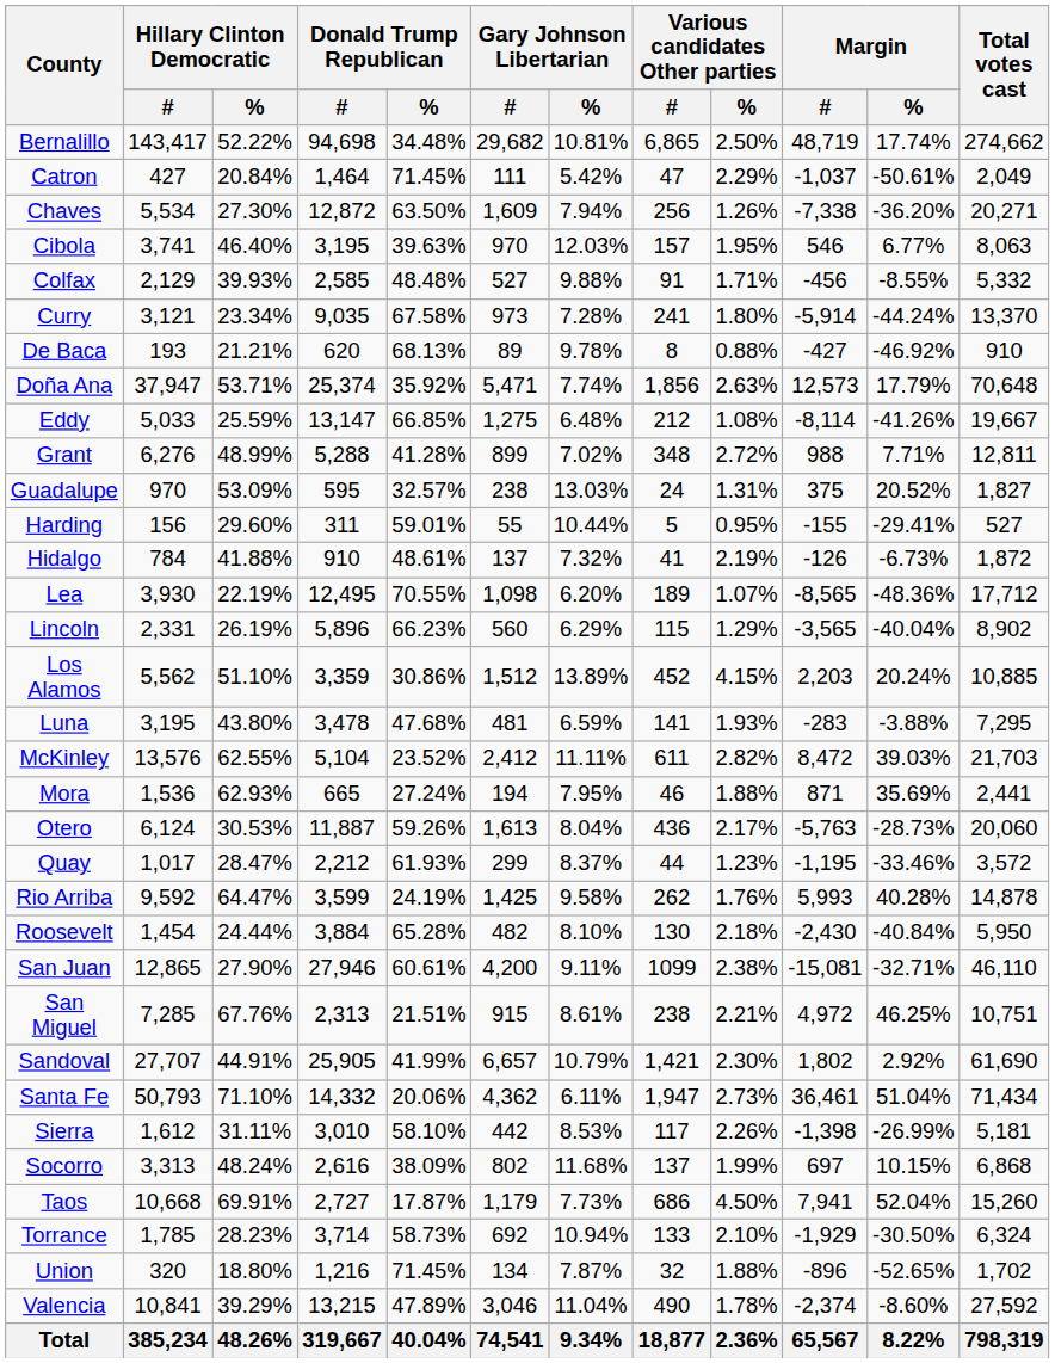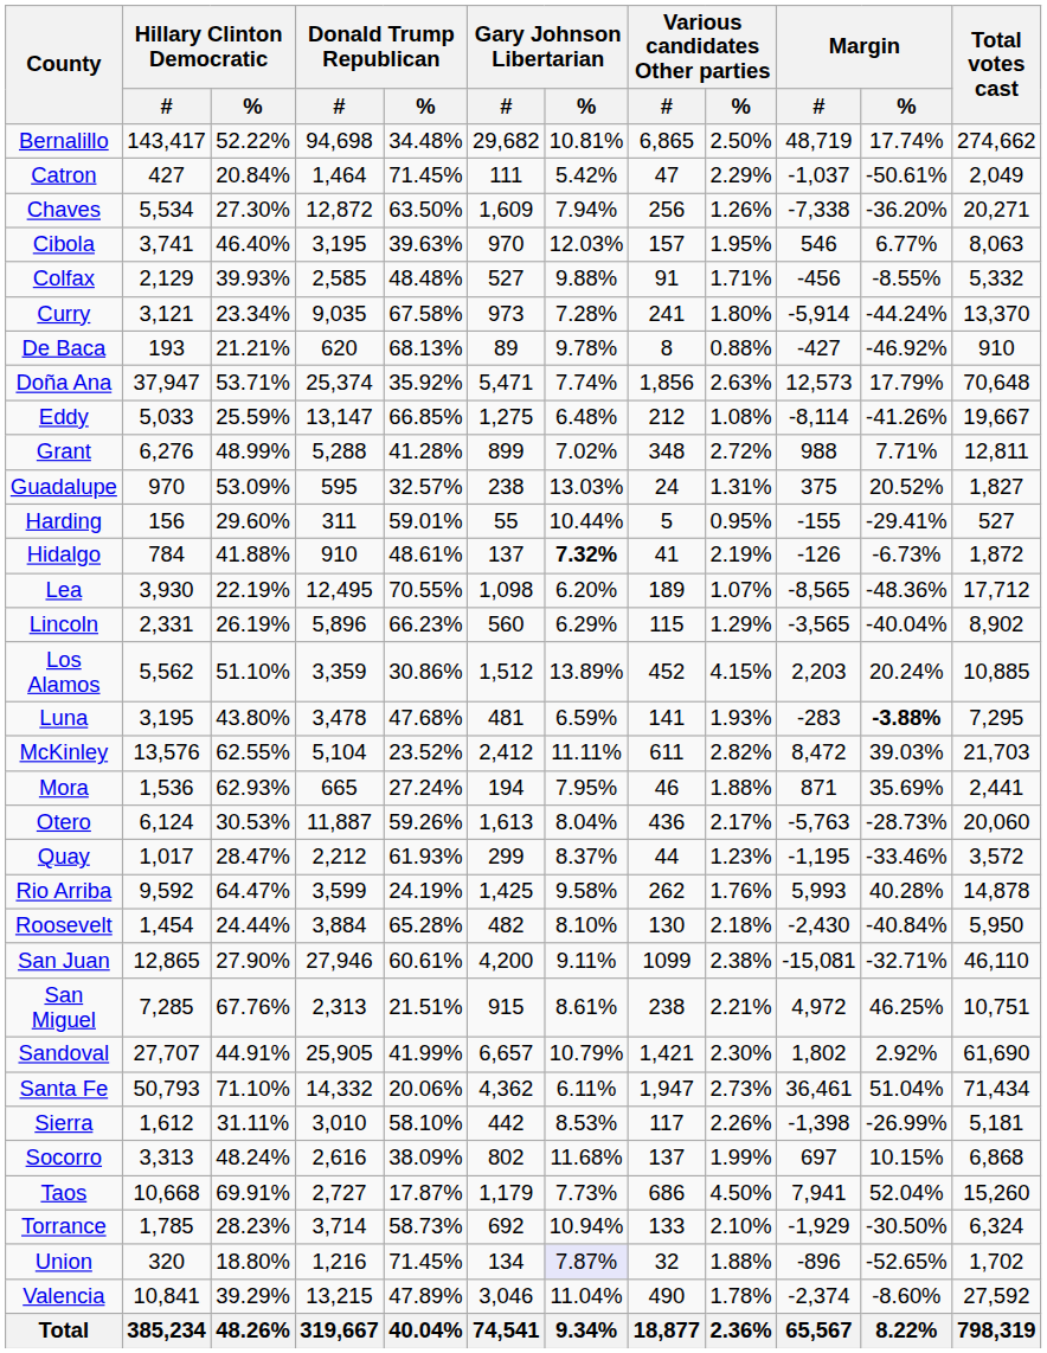 <table width="60%"  class="wikitable sortable" style="text-align:center">
 <tr>
 <th style="text-align:center;" rowspan="2">County</th>
 <th style="text-align:center;" colspan="2">Hillary Clinton<br>Democratic</th>
 <th style="text-align:center;" colspan="2">Donald Trump<br>Republican</th>
 <th style="text-align:center;" colspan="2">Gary Johnson<br>Libertarian</th>
 <th colspan="2" style="text-align:center;">Various candidates<br>Other parties</th>
 <th style="text-align:center;" colspan="2">Margin</th>
 <th style="text-align:center;" rowspan="2">Total votes cast</th>
 </tr>
 <tr>
 <th style="text-align:center;" data-sort-type="number">#</th>
 <th style="text-align:center;" data-sort-type="number">%</th>
 <th style="text-align:center;" data-sort-type="number">#</th>
 <th style="text-align:center;" data-sort-type="number">%</th>
 <th style="text-align:center;" data-sort-type="number">#</th>
 <th style="text-align:center;" data-sort-type="number">%</th>
 <th style="text-align:center;" data-sort-type="number">#</th>
 <th style="text-align:center;" data-sort-type="number">%</th>
 <th style="text-align:center;" data-sort-type="number">#</th>
 <th style="text-align:center;" data-sort-type="number">%</th>
 </tr>
 <tr style="text-align:center;">
 <td><a href='#'>Bernalillo</a></td>
 <td>143,417</td>
 <td>52.22%</td>
 <td>94,698</td>
 <td>34.48%</td>
 <td>29,682</td>
 <td>10.81%</td>
 <td>6,865</td>
 <td>2.50%</td>
 <td>48,719</td>
 <td>17.74%</td>
 <td>274,662</td>
 </tr>
 <tr style="text-align:center;">
 <td><a href='#'>Catron</a></td>
 <td>427</td>
 <td>20.84%</td>
 <td>1,464</td>
 <td>71.45%</td>
 <td>111</td>
 <td>5.42%</td>
 <td>47</td>
 <td>2.29%</td>
 <td>-1,037</td>
 <td>-50.61%</td>
 <td>2,049</td>
 </tr>
 <tr style="text-align:center;">
 <td><a href='#'>Chaves</a></td>
 <td>5,534</td>
 <td>27.30%</td>
 <td>12,872</td>
 <td>63.50%</td>
 <td>1,609</td>
 <td>7.94%</td>
 <td>256</td>
 <td>1.26%</td>
 <td>-7,338</td>
 <td>-36.20%</td>
 <td>20,271</td>
 </tr>
 <tr style="text-align:center;">
 <td><a href='#'>Cibola</a></td>
 <td>3,741</td>
 <td>46.40%</td>
 <td>3,195</td>
 <td>39.63%</td>
 <td>970</td>
 <td>12.03%</td>
 <td>157</td>
 <td>1.95%</td>
 <td>546</td>
 <td>6.77%</td>
 <td>8,063</td>
 </tr>
 <tr style="text-align:center;">
 <td><a href='#'>Colfax</a></td>
 <td>2,129</td>
 <td>39.93%</td>
 <td>2,585</td>
 <td>48.48%</td>
 <td>527</td>
 <td>9.88%</td>
 <td>91</td>
 <td>1.71%</td>
 <td>-456</td>
 <td>-8.55%</td>
 <td>5,332</td>
 </tr>
 <tr style="text-align:center;">
 <td><a href='#'>Curry</a></td>
 <td>3,121</td>
 <td>23.34%</td>
 <td>9,035</td>
 <td>67.58%</td>
 <td>973</td>
 <td>7.28%</td>
 <td>241</td>
 <td>1.80%</td>
 <td>-5,914</td>
 <td>-44.24%</td>
 <td>13,370</td>
 </tr>
 <tr style="text-align:center;">
 <td><a href='#'>De Baca</a></td>
 <td>193</td>
 <td>21.21%</td>
 <td>620</td>
 <td>68.13%</td>
 <td>89</td>
 <td>9.78%</td>
 <td>8</td>
 <td>0.88%</td>
 <td>-427</td>
 <td>-46.92%</td>
 <td>910</td>
 </tr>
 <tr style="text-align:center;">
 <td><a href='#'>Doña Ana</a></td>
 <td>37,947</td>
 <td>53.71%</td>
 <td>25,374</td>
 <td>35.92%</td>
 <td>5,471</td>
 <td>7.74%</td>
 <td>1,856</td>
 <td>2.63%</td>
 <td>12,573</td>
 <td>17.79%</td>
 <td>70,648</td>
 </tr>
 <tr style="text-align:center;">
 <td><a href='#'>Eddy</a></td>
 <td>5,033</td>
 <td>25.59%</td>
 <td>13,147</td>
 <td>66.85%</td>
 <td>1,275</td>
 <td>6.48%</td>
 <td>212</td>
 <td>1.08%</td>
 <td>-8,114</td>
 <td>-41.26%</td>
 <td>19,667</td>
 </tr>
 <tr style="text-align:center;">
 <td><a href='#'>Grant</a></td>
 <td>6,276</td>
 <td>48.99%</td>
 <td>5,288</td>
 <td>41.28%</td>
 <td>899</td>
 <td>7.02%</td>
 <td>348</td>
 <td>2.72%</td>
 <td>988</td>
 <td>7.71%</td>
 <td>12,811</td>
 </tr>
 <tr style="text-align:center;">
 <td><a href='#'>Guadalupe</a></td>
 <td>970</td>
 <td>53.09%</td>
 <td>595</td>
 <td>32.57%</td>
 <td>238</td>
 <td>13.03%</td>
 <td>24</td>
 <td>1.31%</td>
 <td>375</td>
 <td>20.52%</td>
 <td>1,827</td>
 </tr>
 <tr style="text-align:center;">
 <td><a href='#'>Harding</a></td>
 <td>156</td>
 <td>29.60%</td>
 <td>311</td>
 <td>59.01%</td>
 <td>55</td>
 <td>10.44%</td>
 <td>5</td>
 <td>0.95%</td>
 <td>-155</td>
 <td>-29.41%</td>
 <td>527</td>
 </tr>
 <tr style="text-align:center;">
 <td><a href='#'>Hidalgo</a></td>
 <td>784</td>
 <td>41.88%</td>
 <td>910</td>
 <td>48.61%</td>
 <td>137</td>
-<td>7.32%</td>
+<td><strong>7.32%</strong></td>
 <td>41</td>
 <td>2.19%</td>
 <td>-126</td>
 <td>-6.73%</td>
 <td>1,872</td>
 </tr>
 <tr style="text-align:center;">
 <td><a href='#'>Lea</a></td>
 <td>3,930</td>
 <td>22.19%</td>
 <td>12,495</td>
 <td>70.55%</td>
 <td>1,098</td>
 <td>6.20%</td>
 <td>189</td>
 <td>1.07%</td>
 <td>-8,565</td>
 <td>-48.36%</td>
 <td>17,712</td>
 </tr>
 <tr style="text-align:center;">
 <td><a href='#'>Lincoln</a></td>
 <td>2,331</td>
 <td>26.19%</td>
 <td>5,896</td>
 <td>66.23%</td>
 <td>560</td>
 <td>6.29%</td>
 <td>115</td>
 <td>1.29%</td>
 <td>-3,565</td>
 <td>-40.04%</td>
 <td>8,902</td>
 </tr>
 <tr style="text-align:center;">
 <td><a href='#'>Los Alamos</a></td>
 <td>5,562</td>
 <td>51.10%</td>
 <td>3,359</td>
 <td>30.86%</td>
 <td>1,512</td>
 <td>13.89%</td>
 <td>452</td>
 <td>4.15%</td>
 <td>2,203</td>
 <td>20.24%</td>
 <td>10,885</td>
 </tr>
 <tr style="text-align:center;">
 <td><a href='#'>Luna</a></td>
 <td>3,195</td>
 <td>43.80%</td>
 <td>3,478</td>
 <td>47.68%</td>
 <td>481</td>
 <td>6.59%</td>
 <td>141</td>
 <td>1.93%</td>
 <td>-283</td>
-<td>-3.88%</td>
+<td><strong>-3.88%</strong></td>
 <td>7,295</td>
 </tr>
 <tr style="text-align:center;">
 <td><a href='#'>McKinley</a></td>
 <td>13,576</td>
 <td>62.55%</td>
 <td>5,104</td>
 <td>23.52%</td>
 <td>2,412</td>
 <td>11.11%</td>
 <td>611</td>
 <td>2.82%</td>
 <td>8,472</td>
 <td>39.03%</td>
 <td>21,703</td>
 </tr>
 <tr style="text-align:center;">
 <td><a href='#'>Mora</a></td>
 <td>1,536</td>
 <td>62.93%</td>
 <td>665</td>
 <td>27.24%</td>
 <td>194</td>
 <td>7.95%</td>
 <td>46</td>
 <td>1.88%</td>
 <td>871</td>
 <td>35.69%</td>
 <td>2,441</td>
 </tr>
 <tr style="text-align:center;">
 <td><a href='#'>Otero</a></td>
 <td>6,124</td>
 <td>30.53%</td>
 <td>11,887</td>
 <td>59.26%</td>
 <td>1,613</td>
 <td>8.04%</td>
 <td>436</td>
 <td>2.17%</td>
 <td>-5,763</td>
 <td>-28.73%</td>
 <td>20,060</td>
 </tr>
 <tr style="text-align:center;">
 <td><a href='#'>Quay</a></td>
 <td>1,017</td>
 <td>28.47%</td>
 <td>2,212</td>
 <td>61.93%</td>
 <td>299</td>
 <td>8.37%</td>
 <td>44</td>
 <td>1.23%</td>
 <td>-1,195</td>
 <td>-33.46%</td>
 <td>3,572</td>
 </tr>
 <tr style="text-align:center;">
 <td><a href='#'>Rio Arriba</a></td>
 <td>9,592</td>
 <td>64.47%</td>
 <td>3,599</td>
 <td>24.19%</td>
 <td>1,425</td>
 <td>9.58%</td>
 <td>262</td>
 <td>1.76%</td>
 <td>5,993</td>
 <td>40.28%</td>
 <td>14,878</td>
 </tr>
 <tr style="text-align:center;">
 <td><a href='#'>Roosevelt</a></td>
 <td>1,454</td>
 <td>24.44%</td>
 <td>3,884</td>
 <td>65.28%</td>
 <td>482</td>
 <td>8.10%</td>
 <td>130</td>
 <td>2.18%</td>
 <td>-2,430</td>
 <td>-40.84%</td>
 <td>5,950</td>
 </tr>
 <tr style="text-align:center;">
 <td><a href='#'>San Juan</a></td>
 <td>12,865</td>
 <td>27.90%</td>
 <td>27,946</td>
 <td>60.61%</td>
 <td>4,200</td>
 <td>9.11%</td>
 <td>1099</td>
 <td>2.38%</td>
 <td>-15,081</td>
 <td>-32.71%</td>
 <td>46,110</td>
 </tr>
 <tr style="text-align:center;">
 <td><a href='#'>San Miguel</a></td>
 <td>7,285</td>
 <td>67.76%</td>
 <td>2,313</td>
 <td>21.51%</td>
 <td>915</td>
 <td>8.61%</td>
 <td>238</td>
 <td>2.21%</td>
 <td>4,972</td>
 <td>46.25%</td>
 <td>10,751</td>
 </tr>
 <tr style="text-align:center;">
 <td><a href='#'>Sandoval</a></td>
 <td>27,707</td>
 <td>44.91%</td>
 <td>25,905</td>
 <td>41.99%</td>
 <td>6,657</td>
 <td>10.79%</td>
 <td>1,421</td>
 <td>2.30%</td>
 <td>1,802</td>
 <td>2.92%</td>
 <td>61,690</td>
 </tr>
 <tr style="text-align:center;">
 <td><a href='#'>Santa Fe</a></td>
 <td>50,793</td>
 <td>71.10%</td>
 <td>14,332</td>
 <td>20.06%</td>
 <td>4,362</td>
 <td>6.11%</td>
 <td>1,947</td>
 <td>2.73%</td>
 <td>36,461</td>
 <td>51.04%</td>
 <td>71,434</td>
 </tr>
 <tr style="text-align:center;">
 <td><a href='#'>Sierra</a></td>
 <td>1,612</td>
 <td>31.11%</td>
 <td>3,010</td>
 <td>58.10%</td>
 <td>442</td>
 <td>8.53%</td>
 <td>117</td>
 <td>2.26%</td>
 <td>-1,398</td>
 <td>-26.99%</td>
 <td>5,181</td>
 </tr>
 <tr style="text-align:center;">
 <td><a href='#'>Socorro</a></td>
 <td>3,313</td>
 <td>48.24%</td>
 <td>2,616</td>
 <td>38.09%</td>
 <td>802</td>
 <td>11.68%</td>
 <td>137</td>
 <td>1.99%</td>
 <td>697</td>
 <td>10.15%</td>
 <td>6,868</td>
 </tr>
 <tr style="text-align:center;">
 <td><a href='#'>Taos</a></td>
 <td>10,668</td>
 <td>69.91%</td>
 <td>2,727</td>
 <td>17.87%</td>
 <td>1,179</td>
 <td>7.73%</td>
 <td>686</td>
 <td>4.50%</td>
 <td>7,941</td>
 <td>52.04%</td>
 <td>15,260</td>
 </tr>
 <tr style="text-align:center;">
 <td><a href='#'>Torrance</a></td>
 <td>1,785</td>
 <td>28.23%</td>
 <td>3,714</td>
 <td>58.73%</td>
 <td>692</td>
 <td>10.94%</td>
 <td>133</td>
 <td>2.10%</td>
 <td>-1,929</td>
 <td>-30.50%</td>
 <td>6,324</td>
 </tr>
 <tr style="text-align:center;">
 <td><a href='#'>Union</a></td>
 <td>320</td>
 <td>18.80%</td>
 <td>1,216</td>
 <td>71.45%</td>
 <td>134</td>
-<td>7.87%</td>
+<td style="background: lavender;">7.87%</td>
 <td>32</td>
 <td>1.88%</td>
 <td>-896</td>
 <td>-52.65%</td>
 <td>1,702</td>
 </tr>
 <tr style="text-align:center;">
 <td><a href='#'>Valencia</a></td>
 <td>10,841</td>
 <td>39.29%</td>
 <td>13,215</td>
 <td>47.89%</td>
 <td>3,046</td>
 <td>11.04%</td>
 <td>490</td>
 <td>1.78%</td>
 <td>-2,374</td>
 <td>-8.60%</td>
 <td>27,592</td>
 </tr>
 <tr>
 <th>Total</th>
 <th>385,234</th>
 <th>48.26%</th>
 <th>319,667</th>
 <th>40.04%</th>
 <th>74,541</th>
 <th>9.34%</th>
 <th>18,877</th>
 <th>2.36%</th>
 <th>65,567</th>
 <th>8.22%</th>
 <th>798,319</th>
 </tr>
 </table>
